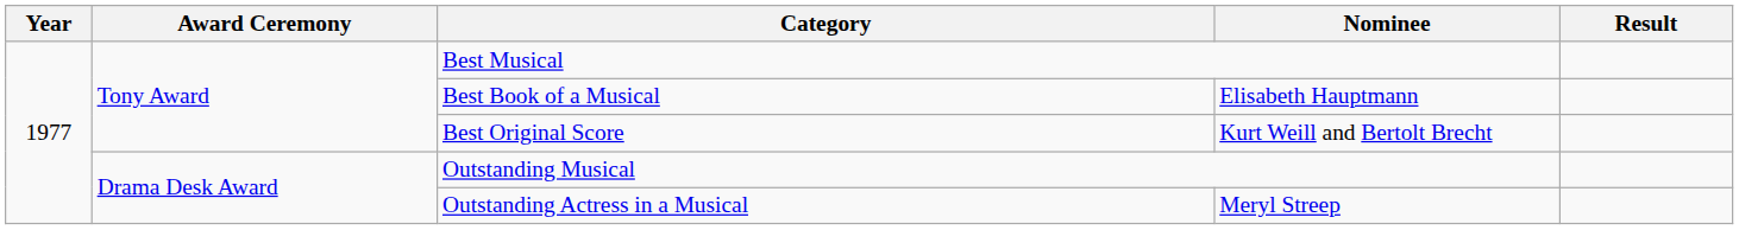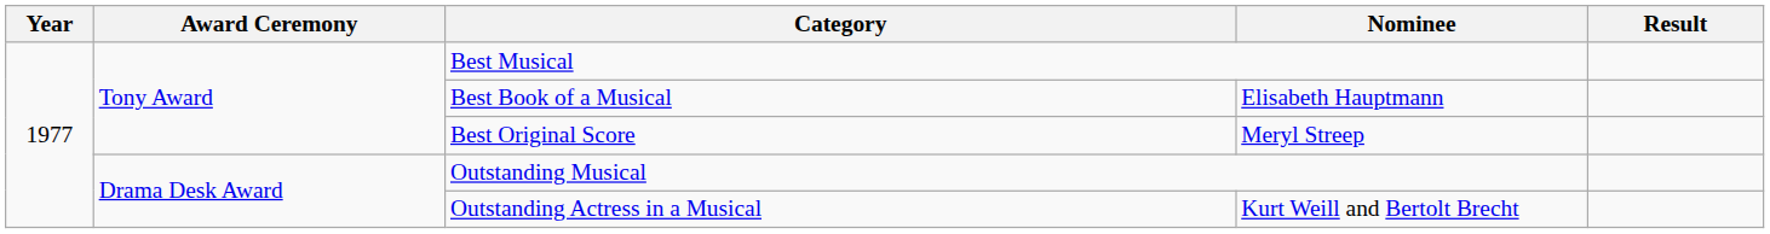 <table class="wikitable" width="95%">
 <tr>
 <th width="5%">Year</th>
 <th width="20%">Award Ceremony</th>
 <th width="45%">Category</th>
 <th width="20%">Nominee</th>
 <th width="10%">Result</th>
 </tr>
 <tr>
 <td rowspan="5" align="center">1977</td>
 <td rowspan="3"><a href='#'>Tony Award</a></td>
 <td colspan="2"><a href='#'>Best Musical</a></td>
 <td></td>
 </tr>
 <tr>
 <td><a href='#'>Best Book of a Musical</a></td>
 <td><a href='#'>Elisabeth Hauptmann</a></td>
 <td></td>
 </tr>
 <tr>
 <td><a href='#'>Best Original Score</a></td>
-<td><a href='#'>Kurt Weill</a> and <a href='#'>Bertolt Brecht</a></td>
+<td><a href='#'>Meryl Streep</a></td>
 <td></td>
 </tr>
 <tr>
 <td rowspan="2"><a href='#'>Drama Desk Award</a></td>
 <td colspan="2"><a href='#'>Outstanding Musical</a></td>
 <td></td>
 </tr>
 <tr>
 <td><a href='#'>Outstanding Actress in a Musical</a></td>
-<td><a href='#'>Meryl Streep</a></td>
+<td><a href='#'>Kurt Weill</a> and <a href='#'>Bertolt Brecht</a></td>
 <td></td>
 </tr>
 </table>
